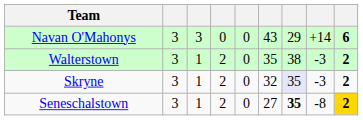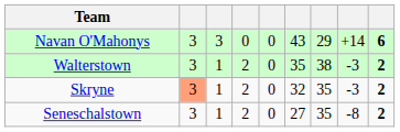 <table class="wikitable" style="text-align:center">
 <tr>
 <th style="width:175px;">Team</th>
 <th width="20"></th>
 <th width="20"></th>
 <th width="20"></th>
 <th width="20"></th>
 <th width="20"></th>
 <th width="20"></th>
 <th width="20"></th>
 <th width="20"></th>
 </tr>
 <tr style="background:#cfc;">
 <td><a href='#'>Navan O'Mahonys</a></td>
 <td>3</td>
 <td>3</td>
 <td>0</td>
 <td>0</td>
 <td>43</td>
 <td>29</td>
 <td>+14</td>
 <td><strong>6</strong></td>
 </tr>
 <tr style="background:#cfc;">
 <td><a href='#'>Walterstown</a></td>
 <td>3</td>
 <td>1</td>
 <td>2</td>
 <td>0</td>
 <td>35</td>
 <td>38</td>
 <td>-3</td>
 <td><strong>2</strong></td>
 </tr>
 <tr>
 <td><a href='#'>Skryne</a></td>
-<td>3</td>
+<td style="background: lightsalmon;">3</td>
 <td>1</td>
 <td>2</td>
 <td>0</td>
 <td>32</td>
-<td style="background: lavender;">35</td>
+<td>35</td>
 <td>-3</td>
 <td><strong>2</strong></td>
 </tr>
 <tr>
 <td><a href='#'>Seneschalstown</a></td>
 <td>3</td>
 <td>1</td>
 <td>2</td>
 <td>0</td>
 <td>27</td>
-<td><strong>35</strong></td>
+<td>35</td>
 <td>-8</td>
-<td style="background: gold;"><strong>2</strong></td>
+<td><strong>2</strong></td>
 </tr>
 </table>
